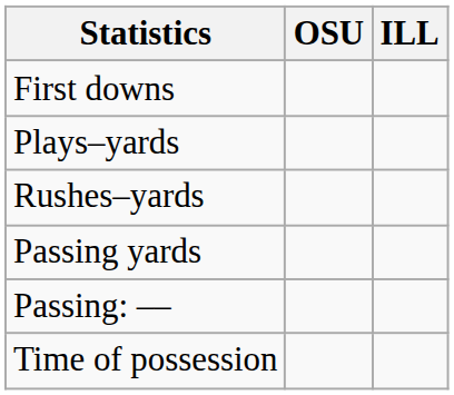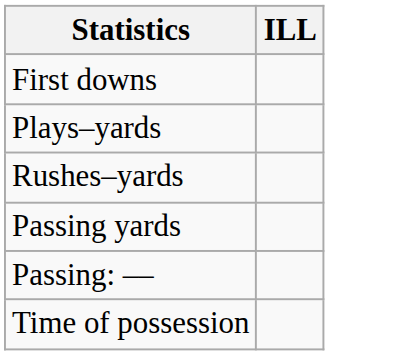 <table class="wikitable" style="float:left">
 <tr>
 <th>Statistics</th>
-<th>OSU</th>
 <th>ILL</th>
 </tr>
 <tr>
 <td>First downs</td>
 <td></td>
-<td></td>
 </tr>
 <tr>
 <td>Plays–yards</td>
-<td></td>
 <td></td>
 </tr>
 <tr>
 <td>Rushes–yards</td>
 <td></td>
-<td></td>
 </tr>
 <tr>
 <td>Passing yards</td>
-<td></td>
 <td></td>
 </tr>
 <tr>
 <td>Passing: ––</td>
 <td></td>
-<td></td>
 </tr>
 <tr>
 <td>Time of possession</td>
 <td></td>
-<td></td>
 </tr>
 </table>
